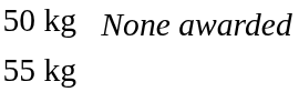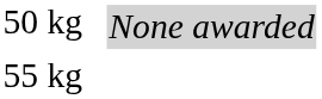 <table>
 <tr>
 <td rowspan=2>50 kg</td>
 <td rowspan=2></td>
 <td rowspan=2></td>
 <td></td>
 </tr>
 <tr>
-<td><em>None awarded</em></td>
+<td style="background: lightgrey;"><em>None awarded</em></td>
 </tr>
 <tr>
 <td rowspan=2>55 kg</td>
 <td rowspan=2></td>
 <td rowspan=2></td>
 <td></td>
 </tr>
 <tr>
 <td></td>
 </tr>
 </table>
